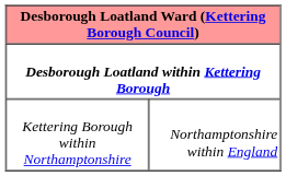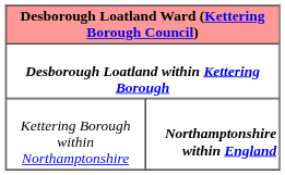 <table border=1 cellpadding="2" cellspacing="0" align="right" width=300>
 <tr>
 <th colspan=2 align=center bgcolor="#ff9999"><strong>Desborough Loatland</strong> Ward (<a href='#'>Kettering Borough Council</a>)</th>
 </tr>
 <tr>
 <th colspan=2 alignn=center><br><em>Desborough Loatland within <a href='#'>Kettering Borough</a></em></th>
 </tr>
 <tr>
 <td align=center><br><em>Kettering Borough within <a href='#'>Northamptonshire</a></em></td>
-<td align=right><br><em>Northamptonshire within <a href='#'>England</a></em></td>
+<td align=right><strong><br><em>Northamptonshire within <a href='#'>England</a></em></strong></td>
 </tr>
 </table>
